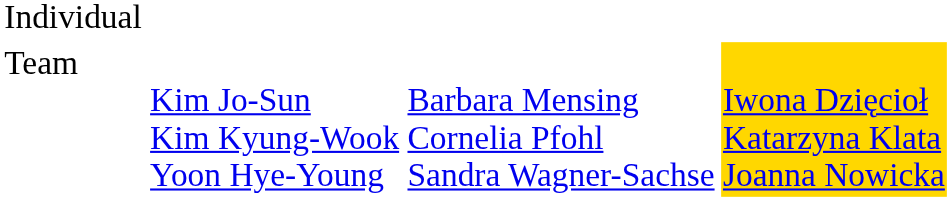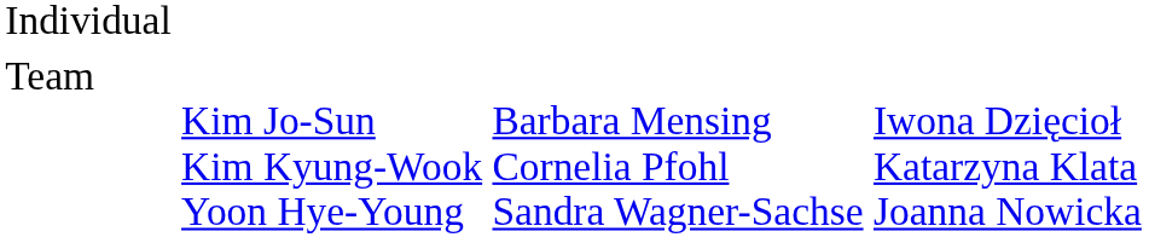 <table>
 <tr>
 <td>Individual<br></td>
 <td></td>
 <td></td>
 <td></td>
 </tr>
 <tr valign="top">
 <td>Team<br></td>
 <td><br><a href='#'>Kim Jo-Sun</a><br><a href='#'>Kim Kyung-Wook</a><br><a href='#'>Yoon Hye-Young</a></td>
 <td><br><a href='#'>Barbara Mensing</a><br><a href='#'>Cornelia Pfohl</a><br><a href='#'>Sandra Wagner-Sachse</a></td>
-<td style="background: gold;"><br><a href='#'>Iwona Dzięcioł</a><br><a href='#'>Katarzyna Klata</a><br><a href='#'>Joanna Nowicka</a></td>
+<td><br><a href='#'>Iwona Dzięcioł</a><br><a href='#'>Katarzyna Klata</a><br><a href='#'>Joanna Nowicka</a></td>
 </tr>
 </table>
